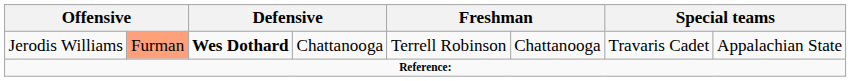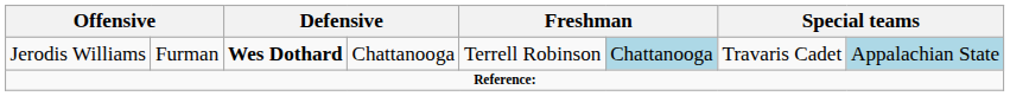 <table class="wikitable" border="1">
 <tr>
 <th colspan="2">Offensive</th>
 <th colspan="2">Defensive</th>
 <th colspan="2">Freshman</th>
 <th colspan="2">Special teams</th>
 </tr>
 <tr>
 <td>Jerodis Williams</td>
-<td style="background: lightsalmon;">Furman</td>
+<td>Furman</td>
 <td><strong>Wes Dothard</strong></td>
 <td>Chattanooga</td>
 <td>Terrell Robinson</td>
-<td>Chattanooga</td>
+<td style="background: lightblue;">Chattanooga</td>
 <td>Travaris Cadet</td>
-<td>Appalachian State</td>
+<td style="background: lightblue;">Appalachian State</td>
 </tr>
 <tr>
 <td colspan="8" style="font-size: 8pt" align="center"><strong>Reference:</strong></td>
 </tr>
 </table>
